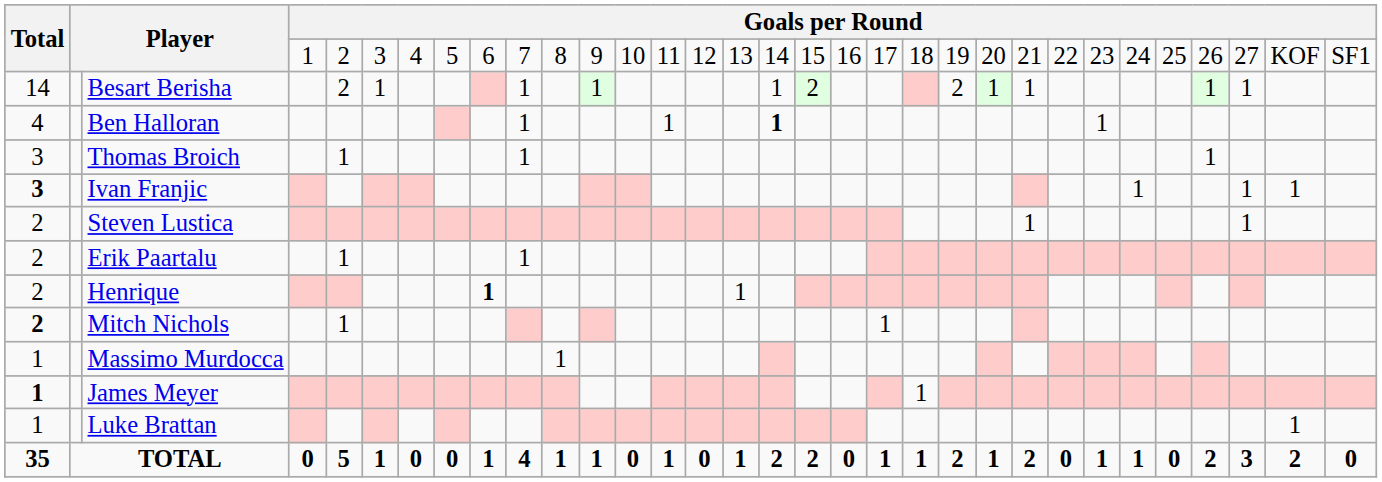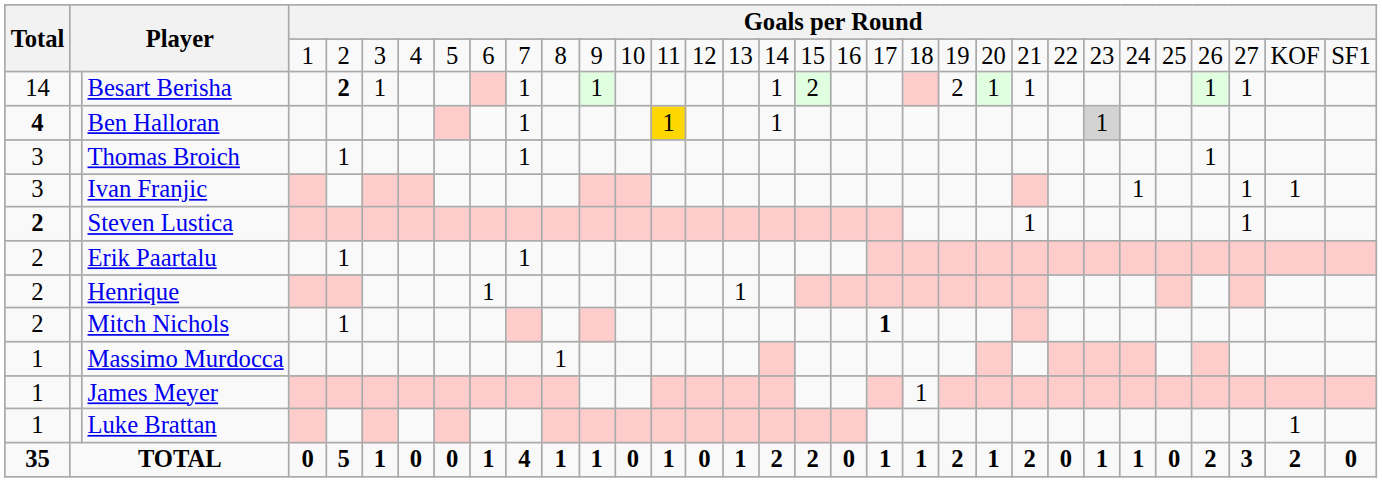 <table class="wikitable" style="text-align:center; line-height: 90%; font-size:90%;">
 <tr>
 <th rowspan="2">Total</th>
 <th rowspan="2" colspan="2">Player</th>
 <th colspan="34">Goals per Round</th>
 </tr>
 <tr>
 <td> 1 </td>
 <td> 2 </td>
 <td> 3 </td>
 <td> 4 </td>
 <td> 5 </td>
 <td> 6 </td>
 <td> 7 </td>
 <td> 8 </td>
 <td> 9 </td>
 <td>10</td>
 <td>11</td>
 <td>12</td>
 <td>13</td>
 <td>14</td>
 <td>15</td>
 <td>16</td>
 <td>17</td>
 <td>18</td>
 <td>19</td>
 <td>20</td>
 <td>21</td>
 <td>22</td>
 <td>23</td>
 <td>24</td>
 <td>25</td>
 <td>26</td>
 <td>27</td>
 <td>KOF</td>
 <td>SF1</td>
 </tr>
 <tr>
 <td>14</td>
 <td></td>
 <td style="text-align:left;"><a href='#'>Besart Berisha</a></td>
 <td></td>
-<td>2</td>
+<td><strong>2</strong></td>
 <td>1</td>
 <td></td>
 <td></td>
 <td style="background:#FFCCCC;"></td>
 <td>1</td>
 <td></td>
 <td style="background:#e0ffe0;">1</td>
 <td></td>
 <td></td>
 <td></td>
 <td></td>
 <td>1</td>
 <td style="background:#e0ffe0;">2</td>
 <td></td>
 <td></td>
 <td style="background:#FFCCCC;"></td>
 <td>2</td>
 <td style="background:#e0ffe0;">1</td>
 <td>1</td>
 <td></td>
 <td></td>
 <td></td>
 <td></td>
 <td style="background:#e0ffe0;">1</td>
 <td>1</td>
 <td></td>
 <td></td>
 </tr>
 <tr>
-<td>4</td>
+<td><strong>4</strong></td>
 <td></td>
 <td style="text-align:left;"><a href='#'>Ben Halloran</a></td>
 <td></td>
 <td></td>
 <td></td>
 <td></td>
 <td style="background:#FFCCCC;"></td>
 <td></td>
 <td>1</td>
 <td></td>
 <td></td>
 <td></td>
-<td>1</td>
+<td style="background: gold;">1</td>
 <td></td>
 <td></td>
-<td><strong>1</strong></td>
+<td>1</td>
 <td></td>
 <td></td>
 <td></td>
 <td></td>
 <td></td>
 <td></td>
 <td></td>
 <td></td>
-<td>1</td>
+<td style="background: lightgrey;">1</td>
 <td></td>
 <td></td>
 <td></td>
 <td></td>
 <td></td>
 <td></td>
 </tr>
 <tr>
 <td>3</td>
 <td></td>
 <td style="text-align:left;"><a href='#'>Thomas Broich</a></td>
 <td></td>
 <td>1</td>
 <td></td>
 <td></td>
 <td></td>
 <td></td>
 <td>1</td>
 <td></td>
 <td></td>
 <td></td>
 <td></td>
 <td></td>
 <td></td>
 <td></td>
 <td></td>
 <td></td>
 <td></td>
 <td></td>
 <td></td>
 <td></td>
 <td></td>
 <td></td>
 <td></td>
 <td></td>
 <td></td>
 <td>1</td>
 <td></td>
 <td></td>
 <td></td>
 </tr>
 <tr>
-<td><strong>3</strong></td>
+<td>3</td>
 <td></td>
 <td style="text-align:left;"><a href='#'>Ivan Franjic</a></td>
 <td style="background:#FFCCCC;"></td>
 <td></td>
 <td style="background:#FFCCCC;"></td>
 <td style="background:#FFCCCC;"></td>
 <td></td>
 <td></td>
 <td></td>
 <td></td>
 <td style="background:#FFCCCC;"></td>
 <td style="background:#FFCCCC;"></td>
 <td></td>
 <td></td>
 <td></td>
 <td></td>
 <td></td>
 <td></td>
 <td></td>
 <td></td>
 <td></td>
 <td></td>
 <td style="background:#FFCCCC;"></td>
 <td></td>
 <td></td>
 <td>1</td>
 <td></td>
 <td></td>
 <td>1</td>
 <td>1</td>
 <td></td>
 </tr>
 <tr>
-<td>2</td>
+<td><strong>2</strong></td>
 <td></td>
 <td style="text-align:left;"><a href='#'>Steven Lustica</a></td>
 <td style="background:#FFCCCC;"></td>
 <td style="background:#FFCCCC;"></td>
 <td style="background:#FFCCCC;"></td>
 <td style="background:#FFCCCC;"></td>
 <td style="background:#FFCCCC;"></td>
 <td style="background:#FFCCCC;"></td>
 <td style="background:#FFCCCC;"></td>
 <td style="background:#FFCCCC;"></td>
 <td style="background:#FFCCCC;"></td>
 <td style="background:#FFCCCC;"></td>
 <td style="background:#FFCCCC;"></td>
 <td style="background:#FFCCCC;"></td>
 <td style="background:#FFCCCC;"></td>
 <td style="background:#FFCCCC;"></td>
 <td style="background:#FFCCCC;"></td>
 <td style="background:#FFCCCC;"></td>
 <td style="background:#FFCCCC;"></td>
 <td></td>
 <td></td>
 <td></td>
 <td>1</td>
 <td></td>
 <td></td>
 <td></td>
 <td></td>
 <td></td>
 <td>1</td>
 <td></td>
 <td></td>
 </tr>
 <tr>
 <td>2</td>
 <td></td>
 <td style="text-align:left;"><a href='#'>Erik Paartalu</a></td>
 <td></td>
 <td>1</td>
 <td></td>
 <td></td>
 <td></td>
 <td></td>
 <td>1</td>
 <td></td>
 <td></td>
 <td></td>
 <td></td>
 <td></td>
 <td></td>
 <td></td>
 <td></td>
 <td></td>
 <td style="background:#FFCCCC;"></td>
 <td style="background:#FFCCCC;"></td>
 <td style="background:#FFCCCC;"></td>
 <td style="background:#FFCCCC;"></td>
 <td style="background:#FFCCCC;"></td>
 <td style="background:#FFCCCC;"></td>
 <td style="background:#FFCCCC;"></td>
 <td style="background:#FFCCCC;"></td>
 <td style="background:#FFCCCC;"></td>
 <td style="background:#FFCCCC;"></td>
 <td style="background:#FFCCCC;"></td>
 <td style="background:#FFCCCC;"></td>
 <td style="background:#FFCCCC;"></td>
 </tr>
 <tr>
 <td>2</td>
 <td></td>
 <td style="text-align:left;"><a href='#'>Henrique</a></td>
 <td style="background:#FFCCCC;"></td>
 <td style="background:#FFCCCC;"></td>
 <td></td>
 <td></td>
 <td></td>
-<td><strong>1</strong></td>
+<td>1</td>
 <td></td>
 <td></td>
 <td></td>
 <td></td>
 <td></td>
 <td></td>
 <td>1</td>
 <td></td>
 <td style="background:#FFCCCC;"></td>
 <td style="background:#FFCCCC;"></td>
 <td style="background:#FFCCCC;"></td>
 <td style="background:#FFCCCC;"></td>
 <td style="background:#FFCCCC;"></td>
 <td style="background:#FFCCCC;"></td>
 <td style="background:#FFCCCC;"></td>
 <td></td>
 <td></td>
 <td></td>
 <td style="background:#FFCCCC;"></td>
 <td></td>
 <td style="background:#FFCCCC;"></td>
 <td></td>
 <td></td>
 </tr>
 <tr>
-<td><strong>2</strong></td>
+<td>2</td>
 <td></td>
 <td style="text-align:left;"><a href='#'>Mitch Nichols</a></td>
 <td></td>
 <td>1</td>
 <td></td>
 <td></td>
 <td></td>
 <td></td>
 <td style="background:#FFCCCC;"></td>
 <td></td>
 <td style="background:#FFCCCC;"></td>
 <td></td>
 <td></td>
 <td></td>
 <td></td>
 <td></td>
 <td></td>
 <td></td>
-<td>1</td>
+<td><strong>1</strong></td>
 <td></td>
 <td></td>
 <td></td>
 <td style="background:#FFCCCC;"></td>
 <td></td>
 <td></td>
 <td></td>
 <td></td>
 <td></td>
 <td></td>
 <td></td>
 <td></td>
 </tr>
 <tr>
 <td>1</td>
 <td></td>
 <td style="text-align:left;"><a href='#'>Massimo Murdocca</a></td>
 <td></td>
 <td></td>
 <td></td>
 <td></td>
 <td></td>
 <td></td>
 <td></td>
 <td>1</td>
 <td></td>
 <td></td>
 <td></td>
 <td></td>
 <td></td>
 <td style="background:#FFCCCC;"></td>
 <td></td>
 <td></td>
 <td></td>
 <td></td>
 <td></td>
 <td style="background:#FFCCCC;"></td>
 <td></td>
 <td style="background:#FFCCCC;"></td>
 <td style="background:#FFCCCC;"></td>
 <td style="background:#FFCCCC;"></td>
 <td></td>
 <td style="background:#FFCCCC;"></td>
 <td></td>
 <td></td>
 <td></td>
 </tr>
 <tr>
-<td><strong>1</strong></td>
+<td>1</td>
 <td></td>
 <td style="text-align:left;"><a href='#'>James Meyer</a></td>
 <td style="background:#FFCCCC;"></td>
 <td style="background:#FFCCCC;"></td>
 <td style="background:#FFCCCC;"></td>
 <td style="background:#FFCCCC;"></td>
 <td style="background:#FFCCCC;"></td>
 <td style="background:#FFCCCC;"></td>
 <td style="background:#FFCCCC;"></td>
 <td style="background:#FFCCCC;"></td>
 <td></td>
 <td></td>
 <td style="background:#FFCCCC;"></td>
 <td style="background:#FFCCCC;"></td>
 <td style="background:#FFCCCC;"></td>
 <td style="background:#FFCCCC;"></td>
 <td></td>
 <td></td>
 <td style="background:#FFCCCC;"></td>
 <td>1</td>
 <td style="background:#FFCCCC;"></td>
 <td style="background:#FFCCCC;"></td>
 <td style="background:#FFCCCC;"></td>
 <td style="background:#FFCCCC;"></td>
 <td style="background:#FFCCCC;"></td>
 <td style="background:#FFCCCC;"></td>
 <td style="background:#FFCCCC;"></td>
 <td style="background:#FFCCCC;"></td>
 <td style="background:#FFCCCC;"></td>
 <td style="background:#FFCCCC;"></td>
 <td style="background:#FFCCCC;"></td>
 </tr>
 <tr>
 <td>1</td>
 <td></td>
 <td style="text-align:left;"><a href='#'>Luke Brattan</a></td>
 <td style="background:#FFCCCC;"></td>
 <td></td>
 <td style="background:#FFCCCC;"></td>
 <td></td>
 <td style="background:#FFCCCC;"></td>
 <td></td>
 <td></td>
 <td style="background:#FFCCCC;"></td>
 <td style="background:#FFCCCC;"></td>
 <td style="background:#FFCCCC;"></td>
 <td style="background:#FFCCCC;"></td>
 <td style="background:#FFCCCC;"></td>
 <td style="background:#FFCCCC;"></td>
 <td style="background:#FFCCCC;"></td>
 <td style="background:#FFCCCC;"></td>
 <td style="background:#FFCCCC;"></td>
 <td></td>
 <td></td>
 <td></td>
 <td></td>
 <td></td>
 <td></td>
 <td></td>
 <td></td>
 <td></td>
 <td></td>
 <td></td>
 <td>1</td>
 <td></td>
 </tr>
 <tr>
 <td><strong>35</strong></td>
 <td style="text-align:center;" colspan="2"><strong>TOTAL</strong></td>
 <td><strong>0</strong></td>
 <td><strong>5</strong></td>
 <td><strong>1</strong></td>
 <td><strong>0</strong></td>
 <td><strong>0</strong></td>
 <td><strong>1</strong></td>
 <td><strong>4</strong></td>
 <td><strong>1</strong></td>
 <td><strong>1</strong></td>
 <td><strong>0</strong></td>
 <td><strong>1</strong></td>
 <td><strong>0</strong></td>
 <td><strong>1</strong></td>
 <td><strong>2</strong></td>
 <td><strong>2</strong></td>
 <td><strong>0</strong></td>
 <td><strong>1</strong></td>
 <td><strong>1</strong></td>
 <td><strong>2</strong></td>
 <td><strong>1</strong></td>
 <td><strong>2</strong></td>
 <td><strong>0</strong></td>
 <td><strong>1</strong></td>
 <td><strong>1</strong></td>
 <td><strong>0</strong></td>
 <td><strong>2</strong></td>
 <td><strong>3</strong></td>
 <td><strong>2</strong></td>
 <td><strong>0</strong></td>
 </tr>
 </table>
